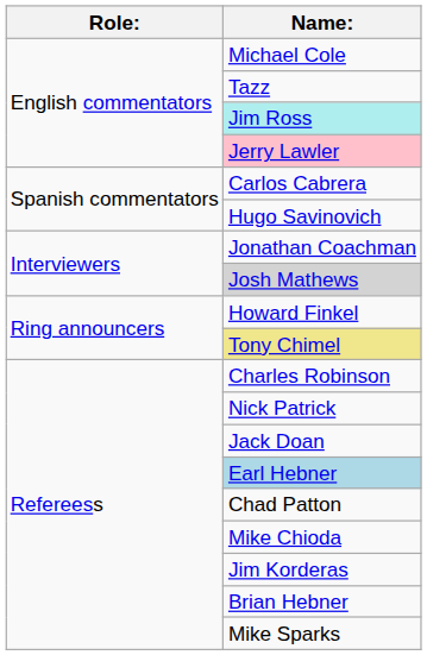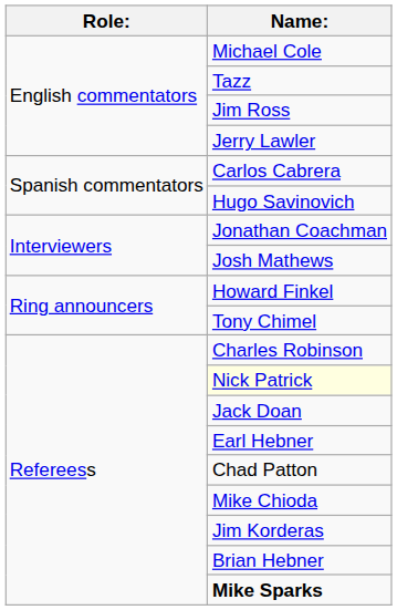 <table class=wikitable style="font-size:90%; margin: 0.5em 0 0.5em 1em; float: right; clear: right;">
 <tr>
 <th>Role:</th>
 <th>Name:</th>
 </tr>
 <tr>
 <td rowspan=4>English <a href='#'>commentators</a></td>
 <td><a href='#'>Michael Cole</a> </td>
 </tr>
 <tr>
 <td><a href='#'>Tazz</a> </td>
 </tr>
 <tr>
-<td style="background: paleturquoise;"><a href='#'>Jim Ross</a> </td>
+<td><a href='#'>Jim Ross</a> </td>
 </tr>
 <tr>
-<td style="background: pink;"><a href='#'>Jerry Lawler</a> </td>
+<td><a href='#'>Jerry Lawler</a> </td>
 </tr>
 <tr>
 <td rowspan=2>Spanish commentators</td>
 <td><a href='#'>Carlos Cabrera</a></td>
 </tr>
 <tr>
 <td><a href='#'>Hugo Savinovich</a></td>
 </tr>
 <tr>
 <td rowspan=2><a href='#'>Interviewers</a></td>
 <td><a href='#'>Jonathan Coachman</a></td>
 </tr>
 <tr>
-<td style="background: lightgrey;"><a href='#'>Josh Mathews</a></td>
+<td><a href='#'>Josh Mathews</a></td>
 </tr>
 <tr>
 <td rowspan=2><a href='#'>Ring announcers</a></td>
 <td><a href='#'>Howard Finkel</a> </td>
 </tr>
 <tr>
-<td style="background: khaki;"><a href='#'>Tony Chimel</a> </td>
+<td><a href='#'>Tony Chimel</a> </td>
 </tr>
 <tr>
 <td rowspan=9><a href='#'>Referees</a>s</td>
 <td><a href='#'>Charles Robinson</a> </td>
 </tr>
 <tr>
-<td><a href='#'>Nick Patrick</a> </td>
+<td style="background: lightyellow;"><a href='#'>Nick Patrick</a> </td>
 </tr>
 <tr>
 <td><a href='#'>Jack Doan</a> </td>
 </tr>
 <tr>
-<td style="background: lightblue;"><a href='#'>Earl Hebner</a> </td>
+<td><a href='#'>Earl Hebner</a> </td>
 </tr>
 <tr>
 <td>Chad Patton </td>
 </tr>
 <tr>
 <td><a href='#'>Mike Chioda</a> </td>
 </tr>
 <tr>
 <td><a href='#'>Jim Korderas</a> </td>
 </tr>
 <tr>
 <td><a href='#'>Brian Hebner</a> </td>
 </tr>
 <tr>
-<td>Mike Sparks </td>
+<td><strong>Mike Sparks </strong></td>
 </tr>
 </table>
